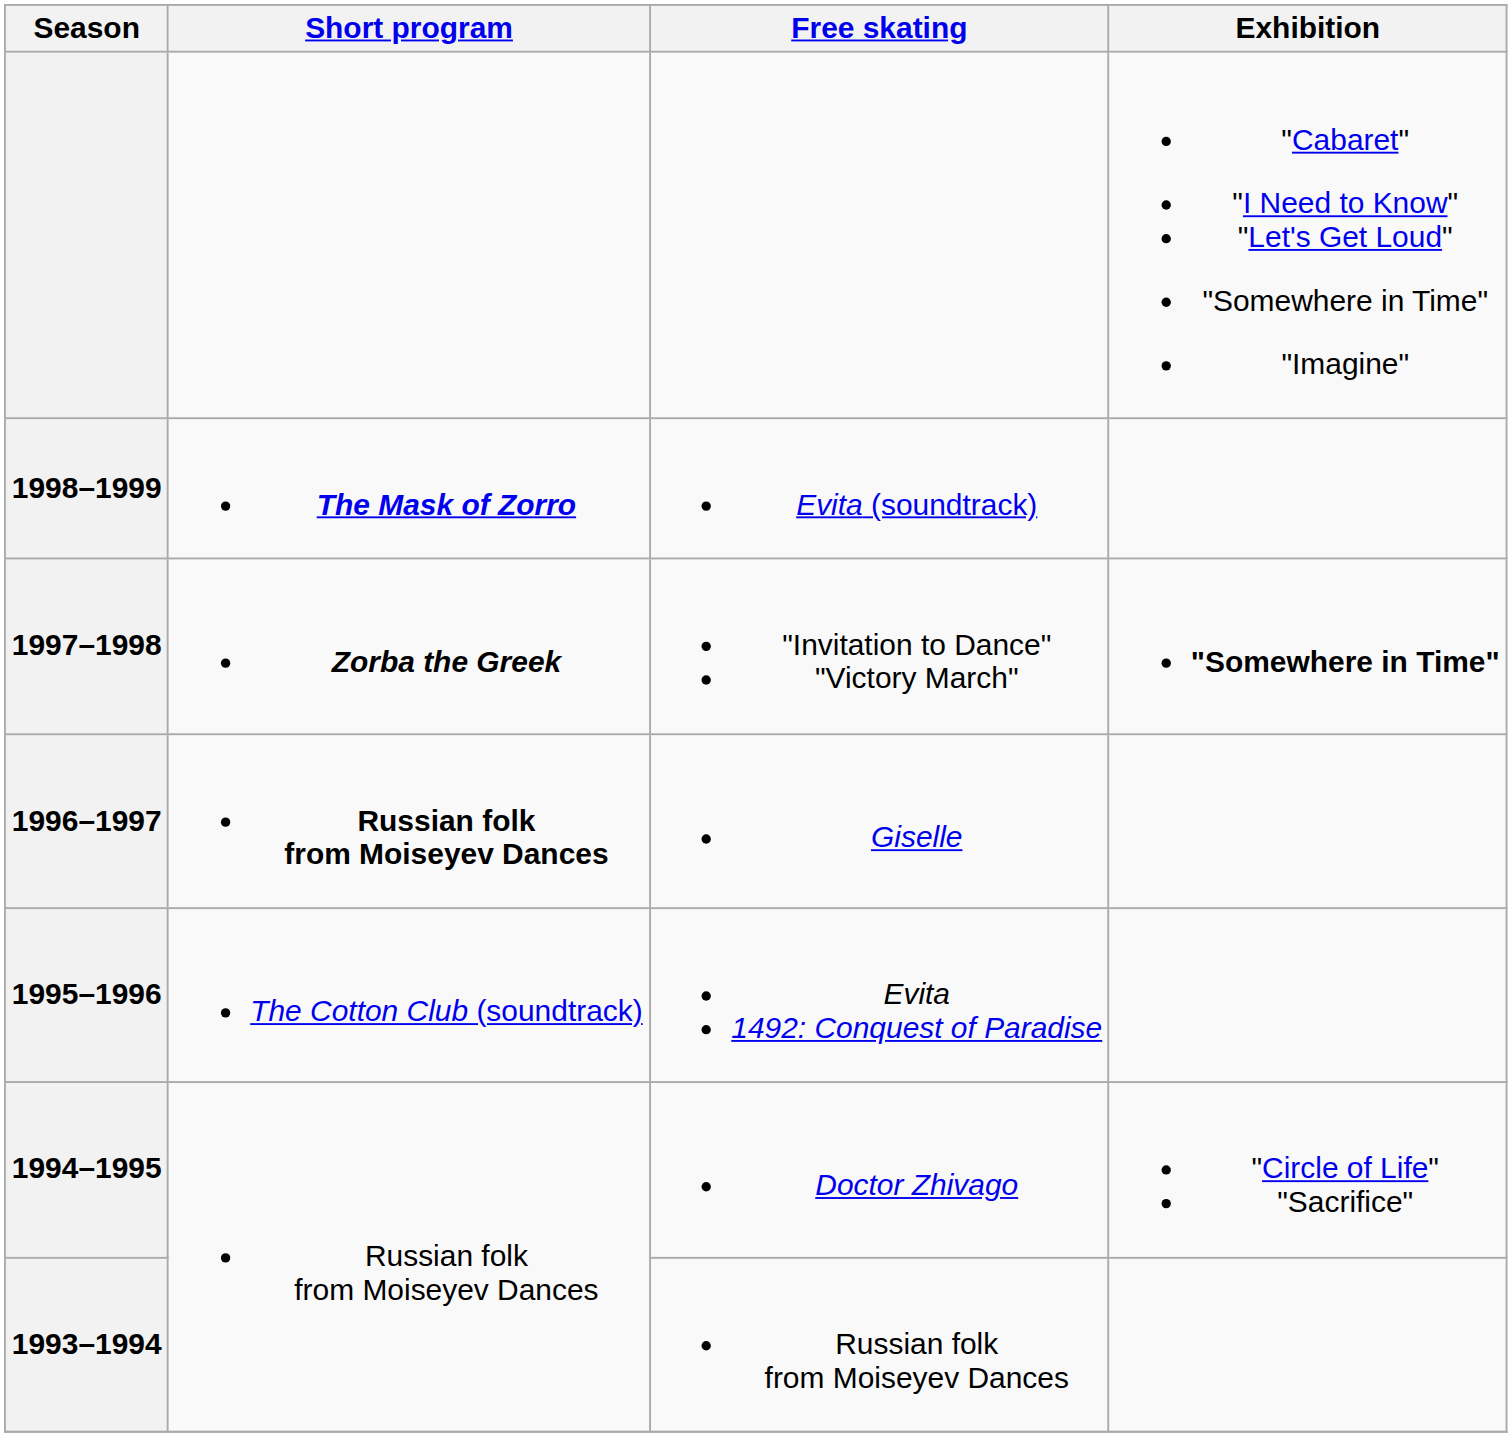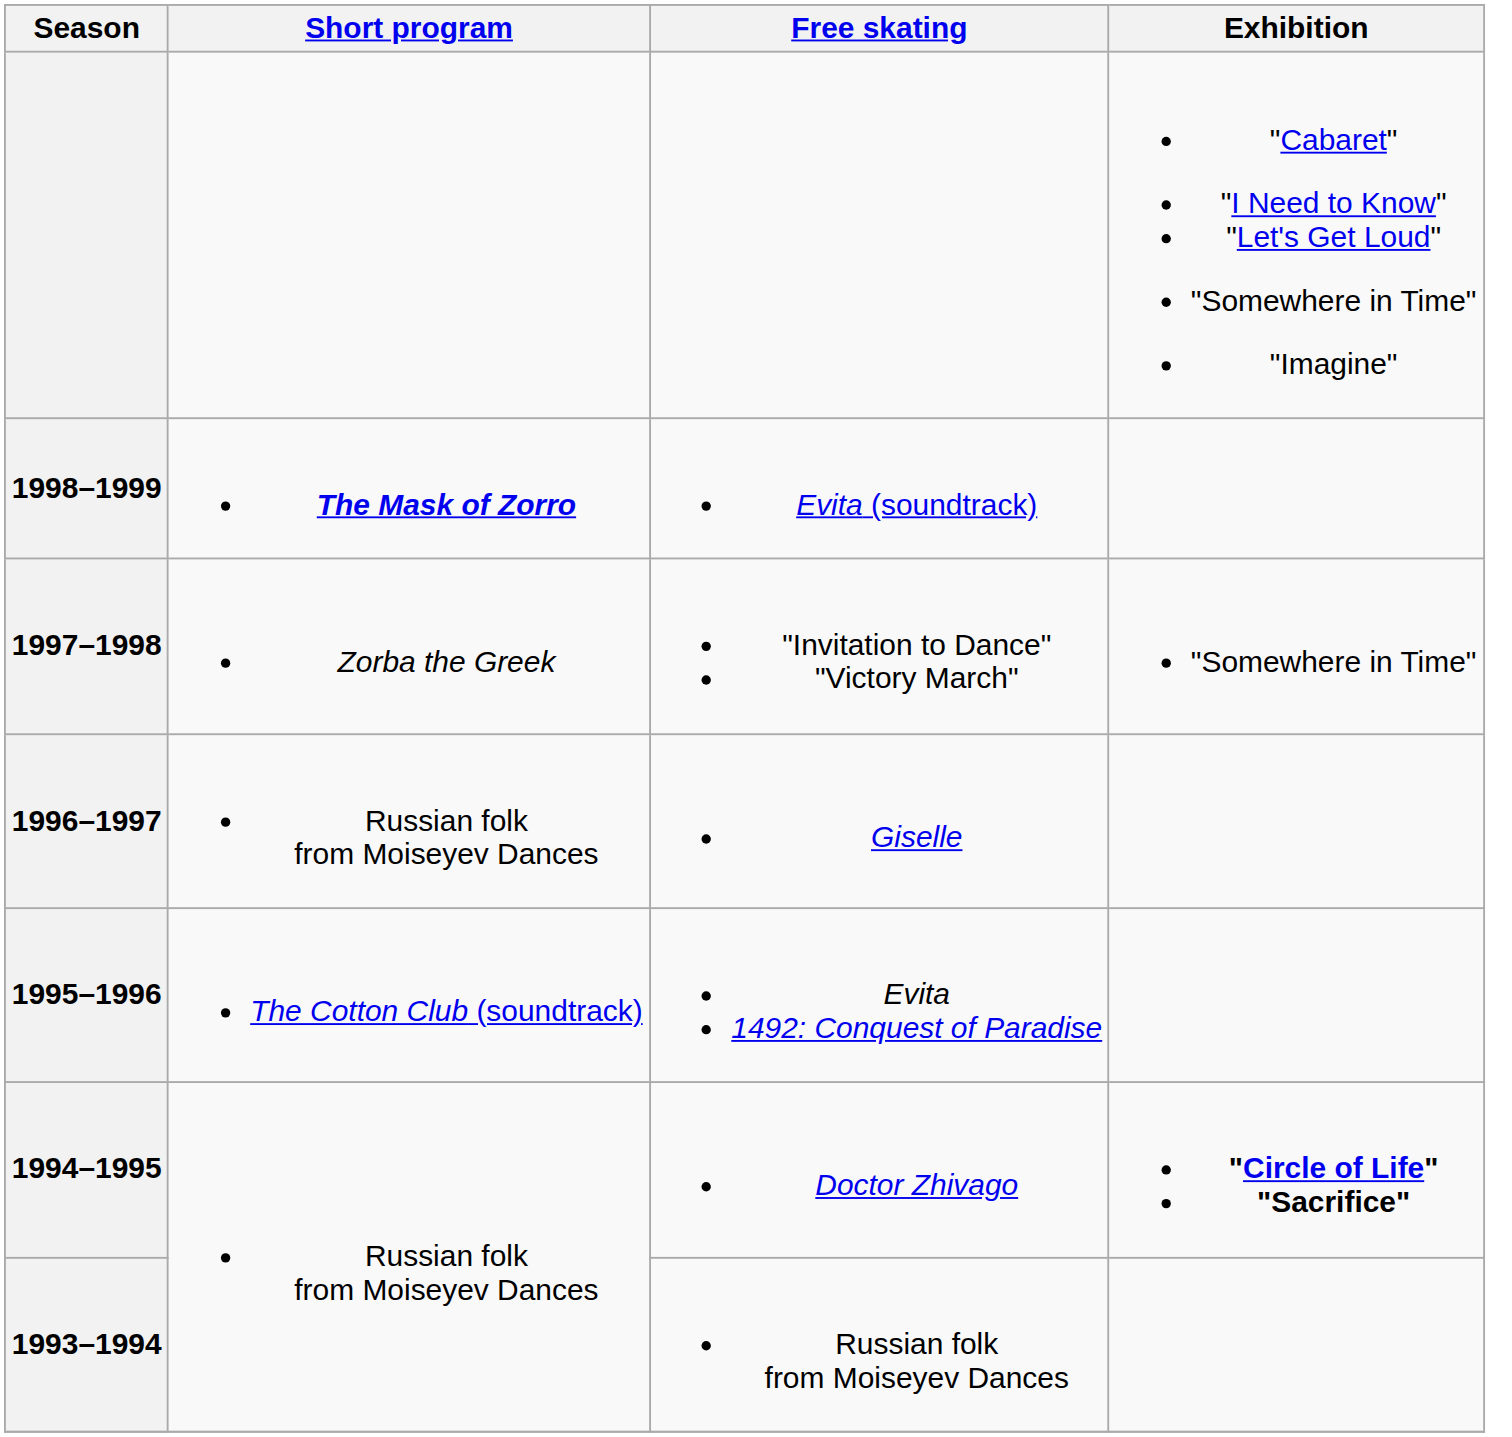 <table class=wikitable style=text-align:center>
 <tr>
 <th>Season</th>
 <th><a href='#'>Short program</a></th>
 <th><a href='#'>Free skating</a></th>
 <th>Exhibition</th>
 </tr>
 <tr>
 <th></th>
 <td></td>
 <td></td>
 <td><br><ul><li>"<a href='#'>Cabaret</a>"</li></ul><ul><li>"<a href='#'>I Need to Know</a>"<br></li><li>"<a href='#'>Let's Get Loud</a>"<br></li></ul><ul><li>"Somewhere in Time"</li></ul><ul><li>"Imagine"</li></ul></td>
 </tr>
 <tr>
 <th>1998–1999</th>
 <td><strong><br><ul><li><em><a href='#'>The Mask of Zorro</a></em></li></ul></strong></td>
 <td><br><ul><li><a href='#'><em>Evita</em> (soundtrack)</a></li></ul></td>
 <td></td>
 </tr>
 <tr>
 <th>1997–1998</th>
-<td><strong><br><ul><li><em>Zorba the Greek</em> <br></li></ul></strong></td>
+<td><br><ul><li><em>Zorba the Greek</em> <br></li></ul></td>
 <td><br><ul><li>"Invitation to Dance"<br></li><li>"Victory March"<br></li></ul></td>
-<td><strong><br><ul><li>"Somewhere in Time"</li></ul></strong></td>
+<td><br><ul><li>"Somewhere in Time"</li></ul></td>
 </tr>
 <tr>
 <th>1996–1997</th>
-<td><strong><br><ul><li>Russian folk <br> from Moiseyev Dances</li></ul></strong></td>
+<td><br><ul><li>Russian folk <br> from Moiseyev Dances</li></ul></td>
 <td><br><ul><li><em><a href='#'>Giselle</a></em></li></ul></td>
 <td></td>
 </tr>
 <tr>
 <th>1995–1996</th>
 <td><br><ul><li><a href='#'><em>The Cotton Club</em> (soundtrack)</a></li></ul></td>
 <td><br><ul><li><em>Evita</em> <br></li><li><a href='#'><em>1492: Conquest of Paradise</em></a> <br></li></ul></td>
 <td></td>
 </tr>
 <tr>
 <th>1994–1995</th>
 <td rowspan=2><br><ul><li>Russian folk <br> from Moiseyev Dances</li></ul></td>
 <td><br><ul><li><em><a href='#'>Doctor Zhivago</a></em> <br></li></ul></td>
-<td><br><ul><li>"<a href='#'>Circle of Life</a>"<br></li><li>"Sacrifice"<br></li></ul></td>
+<td><strong><br><ul><li>"<a href='#'>Circle of Life</a>"<br></li><li>"Sacrifice"<br></li></ul></strong></td>
 </tr>
 <tr>
 <th>1993–1994</th>
 <td><br><ul><li>Russian folk <br> from Moiseyev Dances</li></ul></td>
 <td></td>
 </tr>
 <tr>
 </tr>
 </table>
